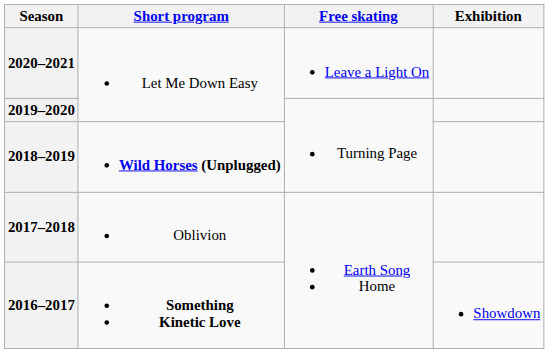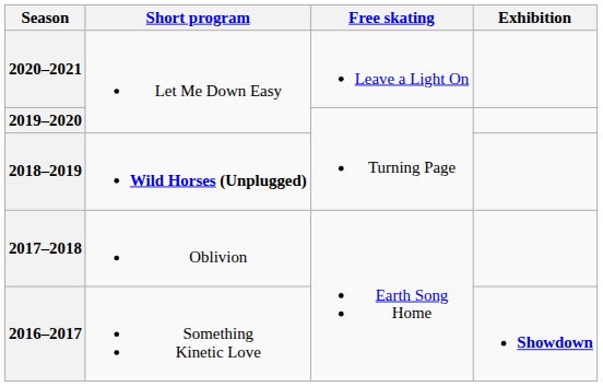 <table class=wikitable style=text-align:center>
 <tr>
 <th>Season</th>
 <th><a href='#'>Short program</a></th>
 <th><a href='#'>Free skating</a></th>
 <th>Exhibition</th>
 </tr>
 <tr>
 <th>2020–2021</th>
 <td rowspan=2><br><ul><li>Let Me Down Easy <br></li></ul></td>
 <td><br><ul><li><a href='#'>Leave a Light On</a> <br></li></ul></td>
 <td></td>
 </tr>
 <tr>
 <th>2019–2020 <br> </th>
 <td rowspan=2><br><ul><li>Turning Page <br></li></ul></td>
 <td></td>
 </tr>
 <tr>
 <th>2018–2019 <br> </th>
 <td><strong><br><ul><li><a href='#'>Wild Horses</a> (Unplugged) <br></li></ul></strong></td>
 <td></td>
 </tr>
 <tr>
 <th>2017–2018 <br> </th>
 <td><br><ul><li>Oblivion <br></li></ul></td>
 <td rowspan=2><br><ul><li><a href='#'>Earth Song</a> <br></li><li>Home <br></li></ul></td>
 <td></td>
 </tr>
 <tr>
 <th>2016–2017 <br> </th>
-<td><strong><br><ul><li>Something <br></li><li>Kinetic Love <br></li></ul></strong></td>
-<td><br><ul><li><a href='#'>Showdown</a> <br></li></ul></td>
+<td><br><ul><li>Something <br></li><li>Kinetic Love <br></li></ul></td>
+<td><strong><br><ul><li><a href='#'>Showdown</a> <br></li></ul></strong></td>
 </tr>
 </table>
